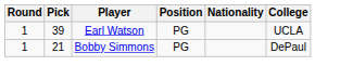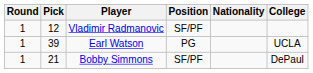 <table class="wikitable sortable sortable">
 <tr>
 <th>Round</th>
 <th>Pick</th>
 <th>Player</th>
 <th>Position</th>
 <th>Nationality</th>
 <th>College</th>
+</tr>
+<tr style="text-align: center">
+<td>1</td>
+<td>12</td>
+<td><a href='#'>Vladimir Radmanovic</a></td>
+<td>SF/PF</td>
+<td></td>
+<td></td>
 </tr>
 <tr style="text-align: center">
 <td>1</td>
 <td>39</td>
 <td><a href='#'>Earl Watson</a></td>
 <td>PG</td>
 <td></td>
 <td>UCLA</td>
 </tr>
 <tr style="text-align: center">
 <td>1</td>
 <td>21</td>
 <td><a href='#'>Bobby Simmons</a></td>
-<td>PG</td>
+<td>SF/PF</td>
 <td></td>
 <td>DePaul</td>
 </tr>
 </table>
